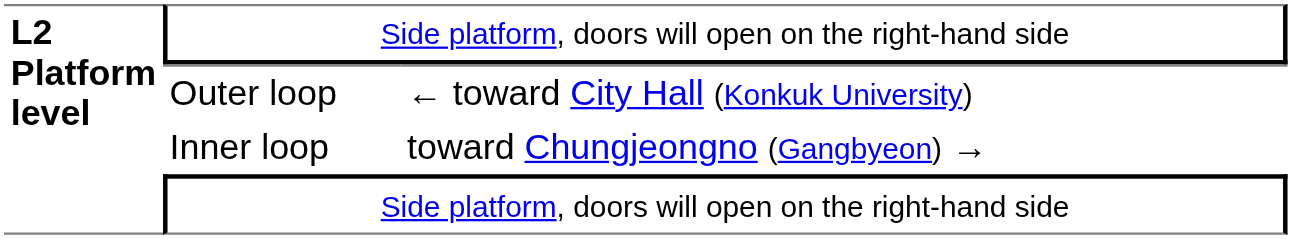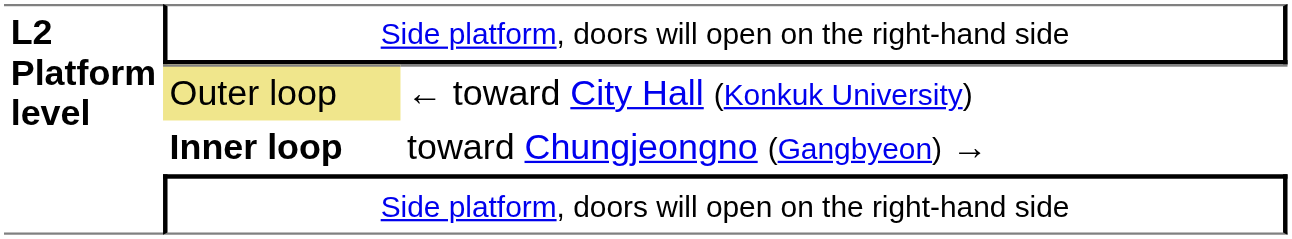 <table table border=0 cellspacing=0 cellpadding=3>
 <tr>
 <td style="border-top:solid 1px gray;border-bottom:solid 1px gray;" width=50 rowspan=10 valign=top><strong>L2<br>Platform level</strong></td>
 <td style="border-top:solid 1px gray;border-right:solid 2px black;border-left:solid 2px black;border-bottom:solid 2px black;text-align:center;" colspan=2><small><a href='#'>Side platform</a>, doors will open on the right-hand side </small></td>
 </tr>
 <tr>
-<td style="border-bottom:solid 0px gray;border-top:solid 1px gray;" width=100>Outer loop</td>
+<td style="background: khaki; border-bottom:solid 0px gray;border-top:solid 1px gray;" width=100>Outer loop</td>
 <td style="border-bottom:solid 0px gray;border-top:solid 1px gray;" width=390>←  toward <a href='#'>City Hall</a> <small>(<a href='#'>Konkuk University</a>)</small></td>
 </tr>
 <tr>
-<td>Inner loop</td>
+<td><strong>Inner loop</strong></td>
 <td>  toward <a href='#'>Chungjeongno</a> <small>(<a href='#'>Gangbyeon</a>)</small> →</td>
 </tr>
 <tr>
 <td style="border-top:solid 2px black;border-right:solid 2px black;border-left:solid 2px black;border-bottom:solid 1px gray;text-align:center;" colspan=2><small><a href='#'>Side platform</a>, doors will open on the right-hand side</small></td>
 </tr>
 </table>
